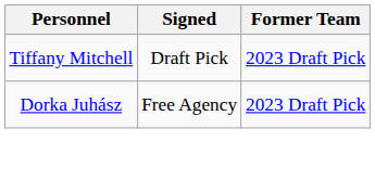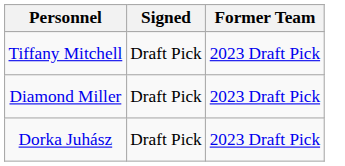 <table class="wikitable" style="text-align: center">
 <tr align="center" bgcolor="#dddddd">
 <th><strong>Personnel</strong></th>
 <th><strong>Signed</strong></th>
 <th><strong>Former Team</strong></th>
 </tr>
 <tr style="height:40px">
 <td><a href='#'>Tiffany Mitchell</a></td>
 <td>Draft Pick</td>
 <td><a href='#'>2023 Draft Pick</a></td>
 </tr>
 <tr style="height:40px">
+<td><a href='#'>Diamond Miller</a></td>
+<td>Draft Pick</td>
+<td><a href='#'>2023 Draft Pick</a></td>
+</tr>
+<tr style="height:40px">
 <td><a href='#'>Dorka Juhász</a></td>
-<td>Free Agency</td>
+<td>Draft Pick</td>
 <td><a href='#'>2023 Draft Pick</a></td>
 </tr>
 </table>
